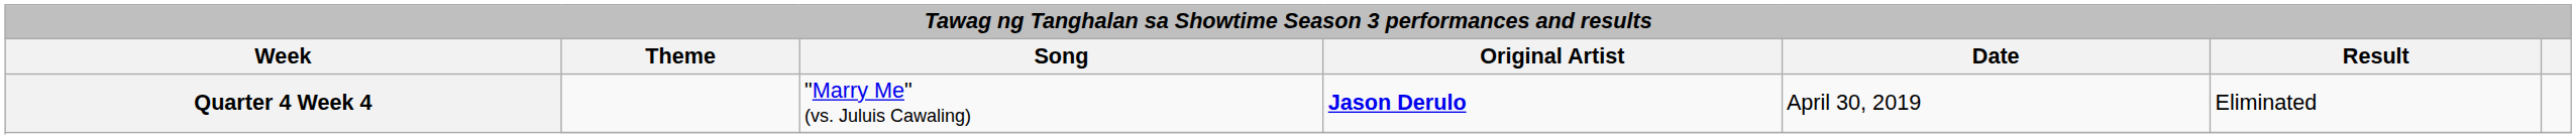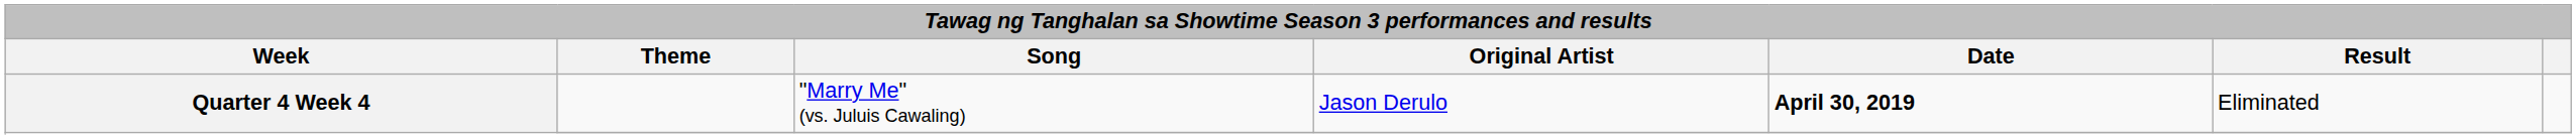 <table class="wikitable mw-collapsible collapsible autocollapse" style="width:95%; margin:1em auto;">
 <tr>
 <th colspan="7" style="background:#BFBFBF;"><strong><em>Tawag ng Tanghalan sa Showtime<em> Season 3 performances and results<strong></th>
 </tr>
 <tr>
 <th scope="col">Week</th>
 <th scope="col">Theme</th>
 <th scope="col">Song</th>
 <th scope="col">Original Artist</th>
 <th scope="col">Date</th>
 <th scope="col">Result</th>
 <th scope="col"></th>
 </tr>
 <tr>
 <th scope="row" rowspan="2">Quarter 4 Week 4</th>
 <td></td>
 <td>"<a href='#'>Marry Me</a>"<br><small>(vs. Juluis Cawaling)</small></td>
-<td><strong><a href='#'>Jason Derulo</a></strong></td>
-<td>April 30, 2019</td>
+<td><a href='#'>Jason Derulo</a></td>
+<td><strong>April 30, 2019</strong></td>
 <td>Eliminated</td>
 <td></td>
 </tr>
 <tr>
 </tr>
 </table>
